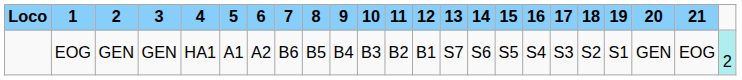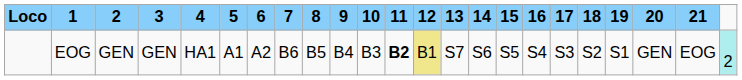 <table class="wikitable plainrowheaders unsortable" style="text-align:center">
 <tr>
 <th scope="col" style="background:lightskyblue;">Loco</th>
 <th scope="col" style="background:lightskyblue;">1</th>
 <th scope="col" style="background:lightskyblue;">2</th>
 <th scope="col" style="background:lightskyblue;">3</th>
 <th scope="col" style="background:lightskyblue;">4</th>
 <th scope="col" style="background:lightskyblue;">5</th>
 <th scope="col" style="background:lightskyblue;">6</th>
 <th scope="col" style="background:lightskyblue;">7</th>
 <th scope="col" style="background:lightskyblue;">8</th>
 <th scope="col" style="background:lightskyblue;">9</th>
 <th scope="col" style="background:lightskyblue;">10</th>
 <th scope="col" style="background:lightskyblue;">11</th>
 <th scope="col" style="background:lightskyblue;">12</th>
 <th scope="col" style="background:lightskyblue;">13</th>
 <th scope="col" style="background:lightskyblue;">14</th>
 <th scope="col" style="background:lightskyblue;">15</th>
 <th scope="col" style="background:lightskyblue;">16</th>
 <th scope="col" style="background:lightskyblue;">17</th>
 <th scope="col" style="background:lightskyblue;">18</th>
 <th scope="col" style="background:lightskyblue;">19</th>
 <th scope="col" style="background:lightskyblue;">20</th>
 <th scope="col" style="background:lightskyblue;">21</th>
 </tr>
 <tr>
 <td></td>
 <td>EOG</td>
 <td>GEN</td>
 <td>GEN</td>
 <td>HA1</td>
 <td>A1</td>
 <td>A2</td>
 <td>B6</td>
 <td>B5</td>
 <td>B4</td>
 <td>B3</td>
-<td>B2</td>
-<td>B1</td>
+<td><strong>B2</strong></td>
+<td style="background: khaki;">B1</td>
 <td>S7</td>
 <td>S6</td>
 <td>S5</td>
 <td>S4</td>
 <td>S3</td>
 <td>S2</td>
 <td>S1</td>
 <td>GEN</td>
 <td>EOG</td>
 <td style="background: paleturquoise;"><br>2</td>
 </tr>
 </table>
